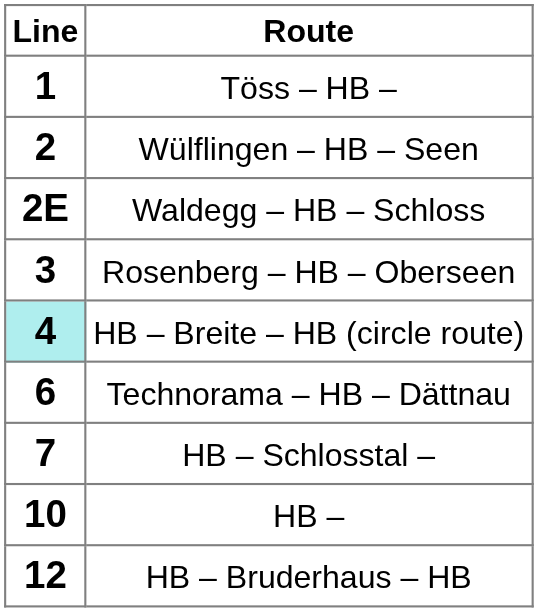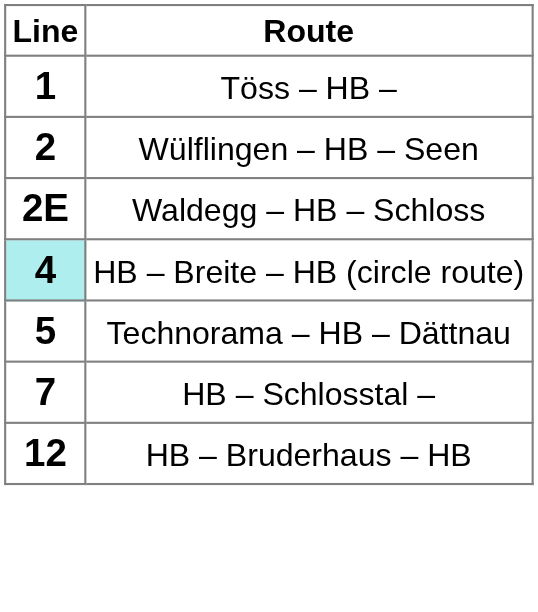 <table border="1" cellspacing="0" cellpadding="3" style="border-collapse:collapse; font-size:95%; margin-left:10px; margin-bottom:5px;">
 <tr>
 <th>Line</th>
 <th>Route</th>
 </tr>
 <tr align=center>
 <td><span><big><strong>1</strong></big></span></td>
 <td>Töss – HB – </td>
 </tr>
 <tr align=center>
 <td><span><big><strong>2</strong></big></span></td>
 <td>Wülflingen – HB – Seen</td>
 </tr>
 <tr align=center>
 <td><span><big><strong>2E</strong></big></span></td>
 <td>Waldegg – HB – Schloss</td>
 </tr>
 <tr align=center>
-<td><span><big><strong>3</strong></big></span></td>
-<td>Rosenberg – HB – Oberseen</td>
-</tr>
-<tr align=center>
 <td style="background: paleturquoise;"><span><big><strong>4</strong></big></span></td>
 <td>HB – Breite – HB (circle route)</td>
 </tr>
 <tr align=center>
-<td><span><big><strong>6</strong></big></span></td>
+<td><span><big><strong>5</strong></big></span></td>
 <td>Technorama – HB – Dättnau</td>
 </tr>
 <tr align=center>
 <td><span><big><strong>7</strong></big></span></td>
 <td>HB – Schlosstal – </td>
 </tr>
 <tr align=center>
-<td><span><big><strong>10</strong></big></span></td>
-<td>HB – </td>
-</tr>
-<tr align=center>
 <td><span><big><strong>12</strong></big></span></td>
 <td>HB – Bruderhaus – HB</td>
 </tr>
 </table>
